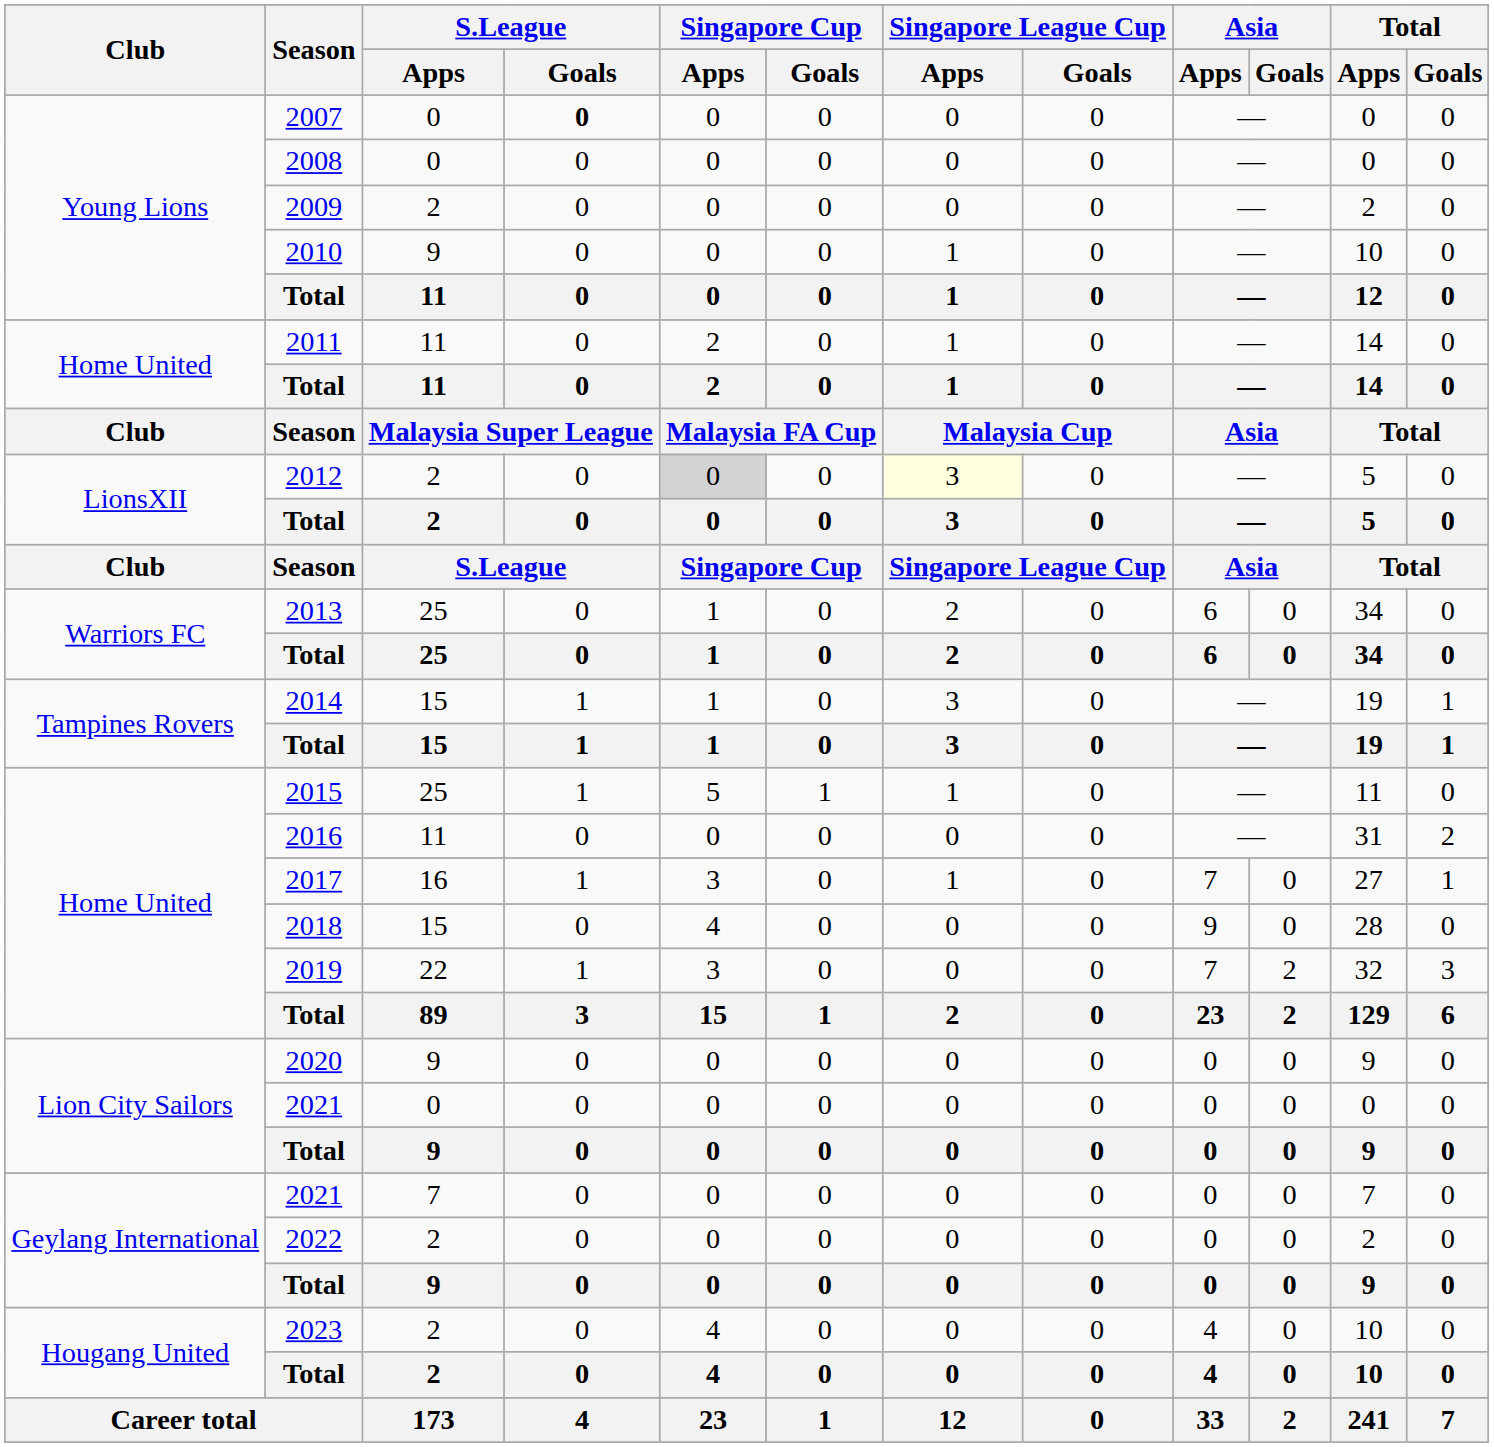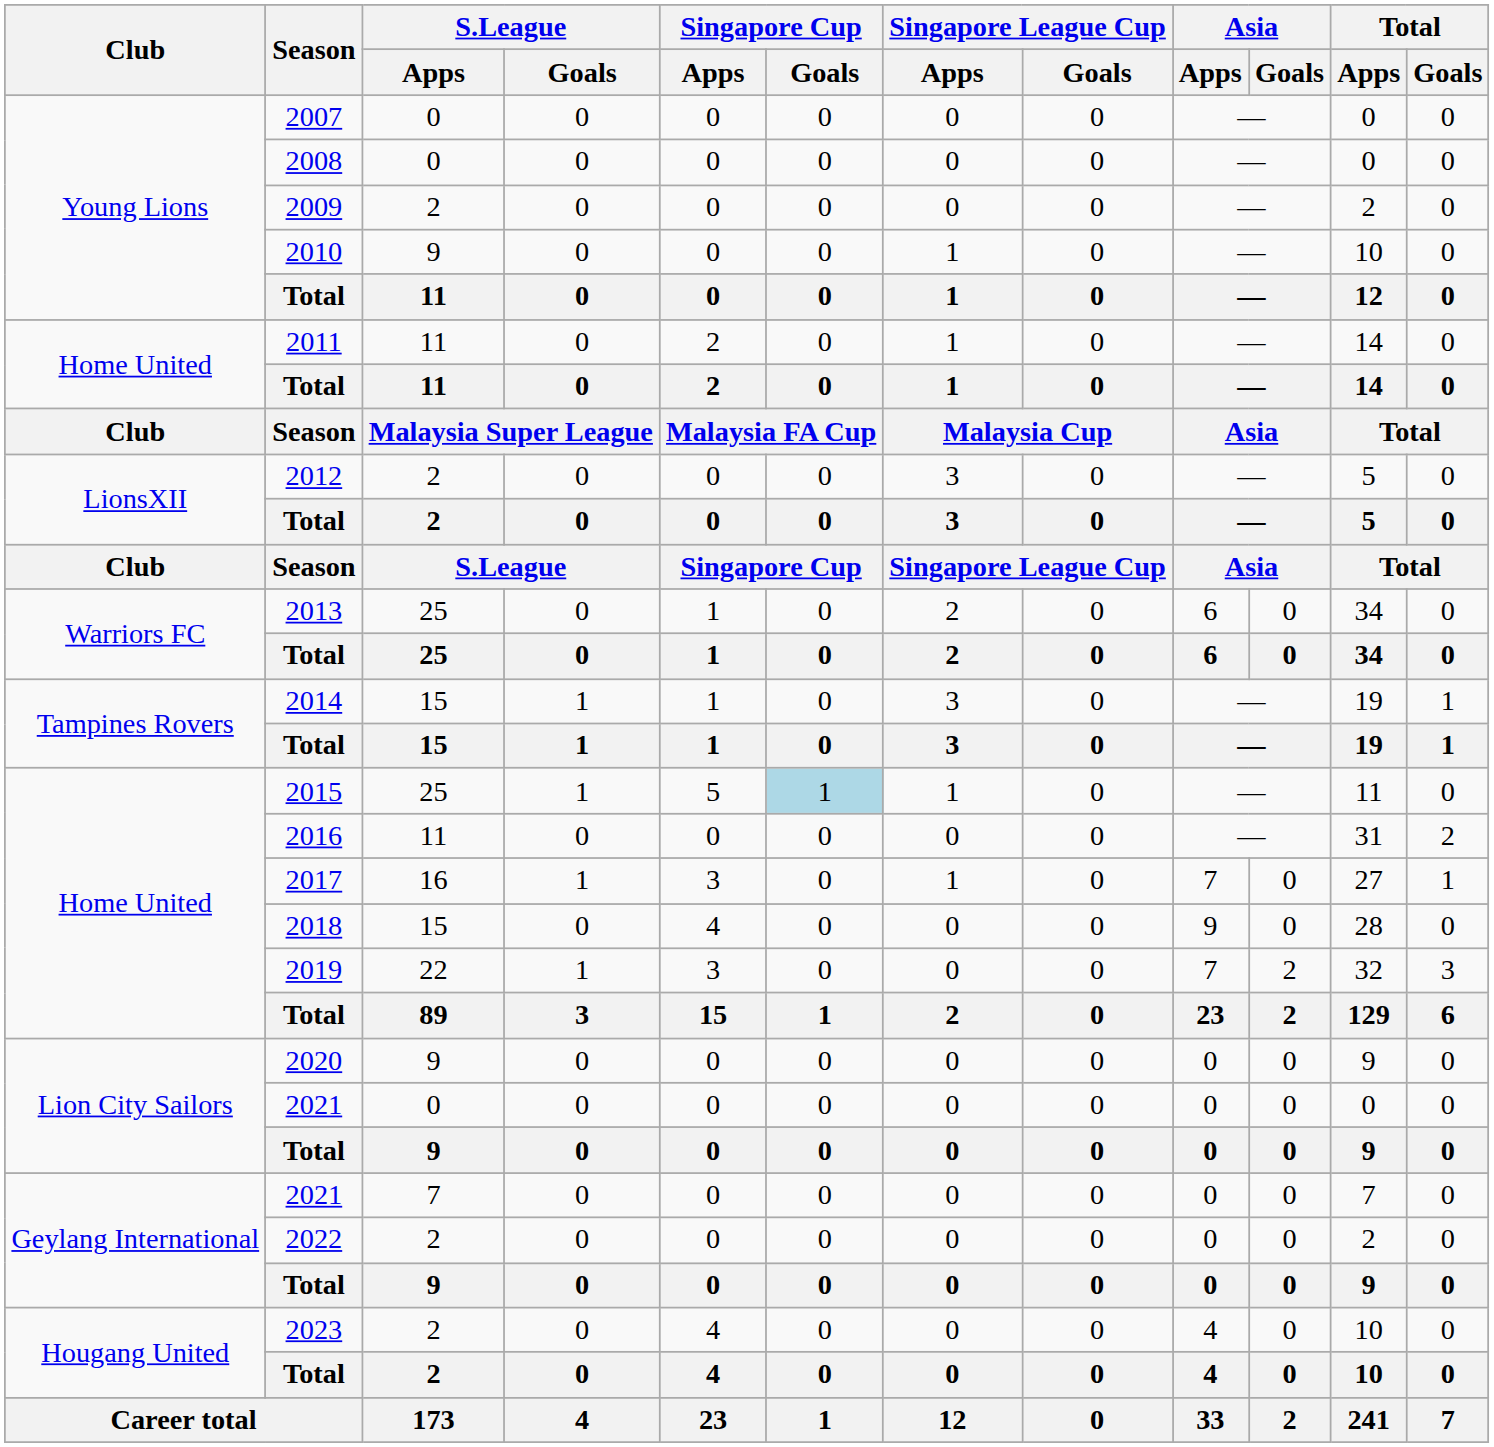 <table style="text-align:center" class="wikitable">
 <tr>
 <th rowspan="2">Club</th>
 <th rowspan="2">Season</th>
 <th colspan="2"><a href='#'>S.League</a></th>
 <th colspan="2"><a href='#'>Singapore Cup</a></th>
 <th colspan="2"><a href='#'>Singapore League Cup</a></th>
 <th colspan="2"><a href='#'>Asia</a></th>
 <th colspan="2">Total</th>
 </tr>
 <tr>
 <th>Apps</th>
 <th>Goals</th>
 <th>Apps</th>
 <th>Goals</th>
 <th>Apps</th>
 <th>Goals</th>
 <th>Apps</th>
 <th>Goals</th>
 <th>Apps</th>
 <th>Goals</th>
 </tr>
 <tr>
 <td rowspan="5"><a href='#'>Young Lions</a></td>
 <td><a href='#'>2007</a></td>
 <td>0</td>
-<td><strong>0</strong></td>
+<td>0</td>
 <td>0</td>
 <td>0</td>
 <td>0</td>
 <td>0</td>
 <td colspan="2">—</td>
 <td>0</td>
 <td>0</td>
 </tr>
 <tr>
 <td><a href='#'>2008</a></td>
 <td>0</td>
 <td>0</td>
 <td>0</td>
 <td>0</td>
 <td>0</td>
 <td>0</td>
 <td colspan="2">—</td>
 <td>0</td>
 <td>0</td>
 </tr>
 <tr>
 <td><a href='#'>2009</a></td>
 <td>2</td>
 <td>0</td>
 <td>0</td>
 <td>0</td>
 <td>0</td>
 <td>0</td>
 <td colspan="2">—</td>
 <td>2</td>
 <td>0</td>
 </tr>
 <tr>
 <td><a href='#'>2010</a></td>
 <td>9</td>
 <td>0</td>
 <td>0</td>
 <td>0</td>
 <td>1</td>
 <td>0</td>
 <td colspan="2">—</td>
 <td>10</td>
 <td>0</td>
 </tr>
 <tr>
 <th>Total</th>
 <th>11</th>
 <th>0</th>
 <th>0</th>
 <th>0</th>
 <th>1</th>
 <th>0</th>
 <th colspan="2">—</th>
 <th>12</th>
 <th>0</th>
 </tr>
 <tr>
 <td rowspan="2"><a href='#'>Home United</a></td>
 <td><a href='#'>2011</a></td>
 <td>11</td>
 <td>0</td>
 <td>2</td>
 <td>0</td>
 <td>1</td>
 <td>0</td>
 <td colspan="2">—</td>
 <td>14</td>
 <td>0</td>
 </tr>
 <tr>
 <th>Total</th>
 <th>11</th>
 <th>0</th>
 <th>2</th>
 <th>0</th>
 <th>1</th>
 <th>0</th>
 <th colspan="2">—</th>
 <th>14</th>
 <th>0</th>
 </tr>
 <tr>
 <th>Club</th>
 <th>Season</th>
 <th colspan="2"><a href='#'>Malaysia Super League</a></th>
 <th colspan="2"><a href='#'>Malaysia FA Cup</a></th>
 <th colspan="2"><a href='#'>Malaysia Cup</a></th>
 <th colspan="2"><a href='#'>Asia</a></th>
 <th colspan="2">Total</th>
 </tr>
 <tr>
 <td rowspan="2"><a href='#'>LionsXII</a></td>
 <td><a href='#'>2012</a></td>
 <td>2</td>
 <td>0</td>
-<td style="background: lightgrey;">0</td>
 <td>0</td>
-<td style="background: lightyellow;">3</td>
+<td>0</td>
+<td>3</td>
 <td>0</td>
 <td colspan="2">—</td>
 <td>5</td>
 <td>0</td>
 </tr>
 <tr>
 <th>Total</th>
 <th>2</th>
 <th>0</th>
 <th>0</th>
 <th>0</th>
 <th>3</th>
 <th>0</th>
 <th colspan="2">—</th>
 <th>5</th>
 <th>0</th>
 </tr>
 <tr>
 <th>Club</th>
 <th>Season</th>
 <th colspan="2"><a href='#'>S.League</a></th>
 <th colspan="2"><a href='#'>Singapore Cup</a></th>
 <th colspan="2"><a href='#'>Singapore League Cup</a></th>
 <th colspan="2"><a href='#'>Asia</a></th>
 <th colspan="2">Total</th>
 </tr>
 <tr>
 <td rowspan="2"><a href='#'>Warriors FC</a></td>
 <td><a href='#'>2013</a></td>
 <td>25</td>
 <td>0</td>
 <td>1</td>
 <td>0</td>
 <td>2</td>
 <td>0</td>
 <td>6</td>
 <td>0</td>
 <td>34</td>
 <td>0</td>
 </tr>
 <tr>
 <th>Total</th>
 <th>25</th>
 <th>0</th>
 <th>1</th>
 <th>0</th>
 <th>2</th>
 <th>0</th>
 <th>6</th>
 <th>0</th>
 <th>34</th>
 <th>0</th>
 </tr>
 <tr>
 <td rowspan="2"><a href='#'>Tampines Rovers</a></td>
 <td><a href='#'>2014</a></td>
 <td>15</td>
 <td>1</td>
 <td>1</td>
 <td>0</td>
 <td>3</td>
 <td>0</td>
 <td colspan="2">—</td>
 <td>19</td>
 <td>1</td>
 </tr>
 <tr>
 <th>Total</th>
 <th>15</th>
 <th>1</th>
 <th>1</th>
 <th>0</th>
 <th>3</th>
 <th>0</th>
 <th colspan="2">—</th>
 <th>19</th>
 <th>1</th>
 </tr>
 <tr>
 <td rowspan="6"><a href='#'>Home United</a></td>
 <td><a href='#'>2015</a></td>
 <td>25</td>
 <td>1</td>
 <td>5</td>
-<td>1</td>
+<td style="background: lightblue;">1</td>
 <td>1</td>
 <td>0</td>
 <td colspan="2">—</td>
 <td>11</td>
 <td>0</td>
 </tr>
 <tr>
 <td><a href='#'>2016</a></td>
 <td>11</td>
 <td>0</td>
 <td>0</td>
 <td>0</td>
 <td>0</td>
 <td>0</td>
 <td colspan="2">—</td>
 <td>31</td>
 <td>2</td>
 </tr>
 <tr>
 <td><a href='#'>2017</a></td>
 <td>16</td>
 <td>1</td>
 <td>3</td>
 <td>0</td>
 <td>1</td>
 <td>0</td>
 <td>7</td>
 <td>0</td>
 <td>27</td>
 <td>1</td>
 </tr>
 <tr>
 <td><a href='#'>2018</a></td>
 <td>15</td>
 <td>0</td>
 <td>4</td>
 <td>0</td>
 <td>0</td>
 <td>0</td>
 <td>9</td>
 <td>0</td>
 <td>28</td>
 <td>0</td>
 </tr>
 <tr>
 <td><a href='#'>2019</a></td>
 <td>22</td>
 <td>1</td>
 <td>3</td>
 <td>0</td>
 <td>0</td>
 <td>0</td>
 <td>7</td>
 <td>2</td>
 <td>32</td>
 <td>3</td>
 </tr>
 <tr>
 <th>Total</th>
 <th>89</th>
 <th>3</th>
 <th>15</th>
 <th>1</th>
 <th>2</th>
 <th>0</th>
 <th>23</th>
 <th>2</th>
 <th>129</th>
 <th>6</th>
 </tr>
 <tr>
 <td rowspan="3"><a href='#'>Lion City Sailors</a></td>
 <td><a href='#'>2020</a></td>
 <td>9</td>
 <td>0</td>
 <td>0</td>
 <td>0</td>
 <td>0</td>
 <td>0</td>
 <td>0</td>
 <td>0</td>
 <td>9</td>
 <td>0</td>
 </tr>
 <tr>
 <td><a href='#'>2021</a></td>
 <td>0</td>
 <td>0</td>
 <td>0</td>
 <td>0</td>
 <td>0</td>
 <td>0</td>
 <td>0</td>
 <td>0</td>
 <td>0</td>
 <td>0</td>
 </tr>
 <tr>
 <th>Total</th>
 <th>9</th>
 <th>0</th>
 <th>0</th>
 <th>0</th>
 <th>0</th>
 <th>0</th>
 <th>0</th>
 <th>0</th>
 <th>9</th>
 <th>0</th>
 </tr>
 <tr>
 <td rowspan="3"><a href='#'>Geylang International</a></td>
 <td><a href='#'>2021</a></td>
 <td>7</td>
 <td>0</td>
 <td>0</td>
 <td>0</td>
 <td>0</td>
 <td>0</td>
 <td>0</td>
 <td>0</td>
 <td>7</td>
 <td>0</td>
 </tr>
 <tr>
 <td><a href='#'>2022</a></td>
 <td>2</td>
 <td>0</td>
 <td>0</td>
 <td>0</td>
 <td>0</td>
 <td>0</td>
 <td>0</td>
 <td>0</td>
 <td>2</td>
 <td>0</td>
 </tr>
 <tr>
 <th>Total</th>
 <th>9</th>
 <th>0</th>
 <th>0</th>
 <th>0</th>
 <th>0</th>
 <th>0</th>
 <th>0</th>
 <th>0</th>
 <th>9</th>
 <th>0</th>
 </tr>
 <tr>
 <td rowspan="2"><a href='#'>Hougang United</a></td>
 <td><a href='#'>2023</a></td>
 <td>2</td>
 <td>0</td>
 <td>4</td>
 <td>0</td>
 <td>0</td>
 <td>0</td>
 <td>4</td>
 <td>0</td>
 <td>10</td>
 <td>0</td>
 </tr>
 <tr>
 <th>Total</th>
 <th>2</th>
 <th>0</th>
 <th>4</th>
 <th>0</th>
 <th>0</th>
 <th>0</th>
 <th>4</th>
 <th>0</th>
 <th>10</th>
 <th>0</th>
 </tr>
 <tr>
 <th colspan="2">Career total</th>
 <th>173</th>
 <th>4</th>
 <th>23</th>
 <th>1</th>
 <th>12</th>
 <th>0</th>
 <th>33</th>
 <th>2</th>
 <th>241</th>
 <th>7</th>
 </tr>
 </table>
